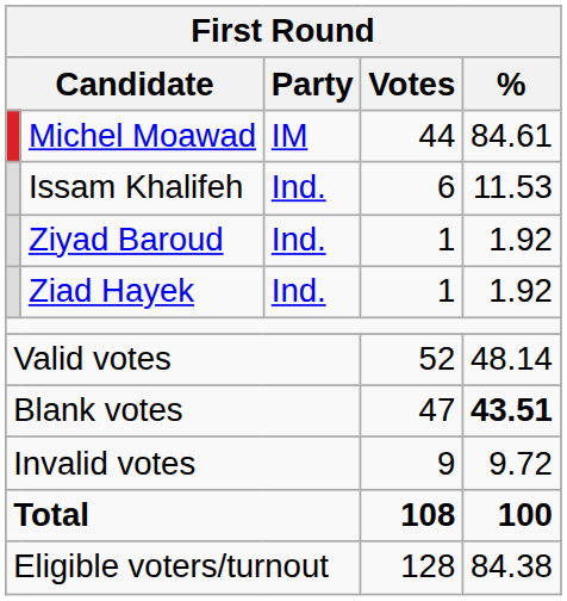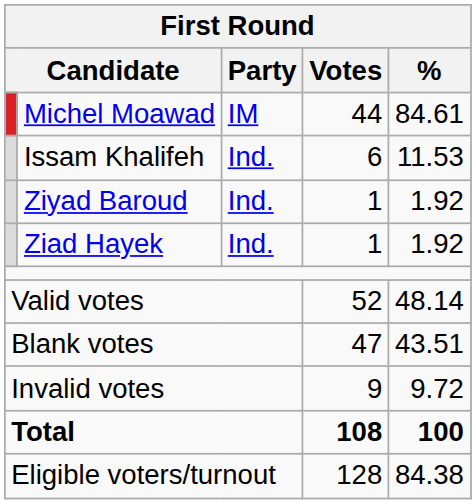 <table class=wikitable style=text-align:right>
 <tr>
 <th colspan="5">First Round</th>
 </tr>
 <tr>
 <th colspan=2>Candidate</th>
 <th>Party</th>
 <th>Votes</th>
 <th>%</th>
 </tr>
 <tr>
 <td bgcolor=#DA2125></td>
 <td align=left><a href='#'>Michel Moawad</a></td>
 <td align=left><a href='#'>IM</a></td>
 <td>44</td>
 <td>84.61</td>
 </tr>
 <tr>
 <td bgcolor=#DCDCDC></td>
 <td align=left>Issam Khalifeh</td>
 <td align=left><a href='#'>Ind.</a></td>
 <td>6</td>
 <td>11.53</td>
 </tr>
 <tr>
 <td bgcolor=#DCDCDC></td>
 <td align=left><a href='#'>Ziyad Baroud</a></td>
 <td align=left><a href='#'>Ind.</a></td>
 <td>1</td>
 <td>1.92</td>
 </tr>
 <tr>
 <td bgcolor=#DCDCDC></td>
 <td align=left><a href='#'>Ziad Hayek</a></td>
 <td align=left><a href='#'>Ind.</a></td>
 <td>1</td>
 <td>1.92</td>
 </tr>
 <tr>
 <td colspan=12></td>
 </tr>
 <tr>
 <td style="text-align:left;" colspan=3>Valid votes</td>
 <td>52</td>
 <td>48.14</td>
 </tr>
 <tr>
 <td style="text-align:left;" colspan=3>Blank votes</td>
 <td>47</td>
-<td><strong>43.51</strong></td>
+<td>43.51</td>
 </tr>
 <tr>
 <td style="text-align:left;" colspan=3>Invalid votes</td>
 <td>9</td>
 <td>9.72</td>
 </tr>
 <tr>
 <td style="text-align:left;" colspan=3><strong>Total</strong></td>
 <td><strong>108</strong></td>
 <td><strong>100</strong></td>
 </tr>
 <tr>
 <td style="text-align:left;" colspan=3>Eligible voters/turnout</td>
 <td>128</td>
 <td>84.38</td>
 </tr>
 </table>
